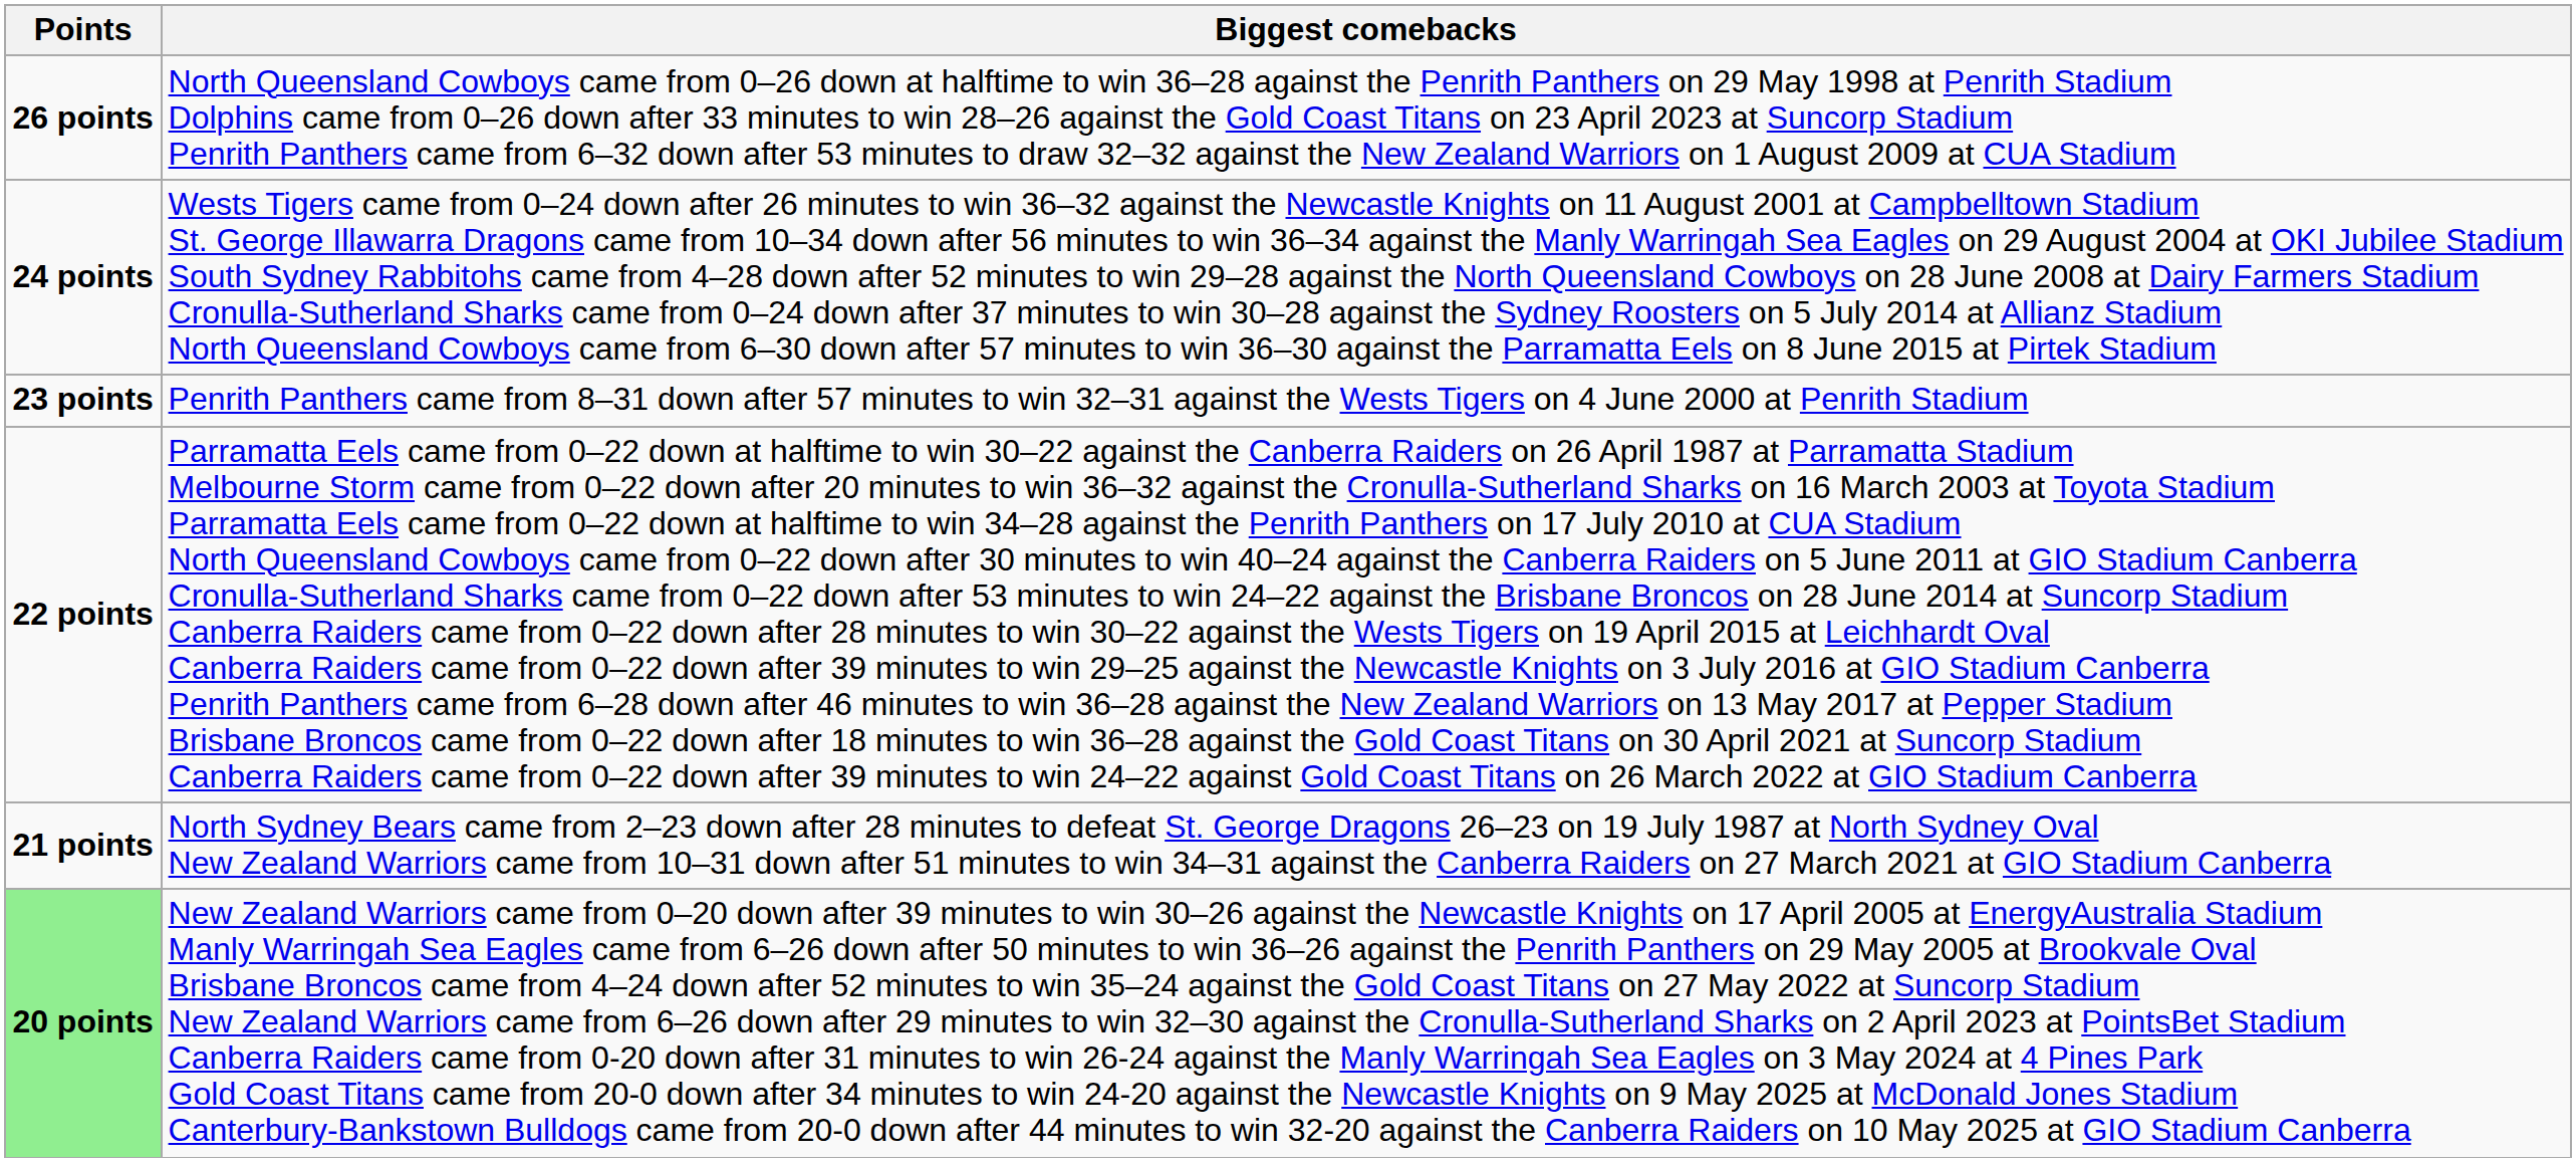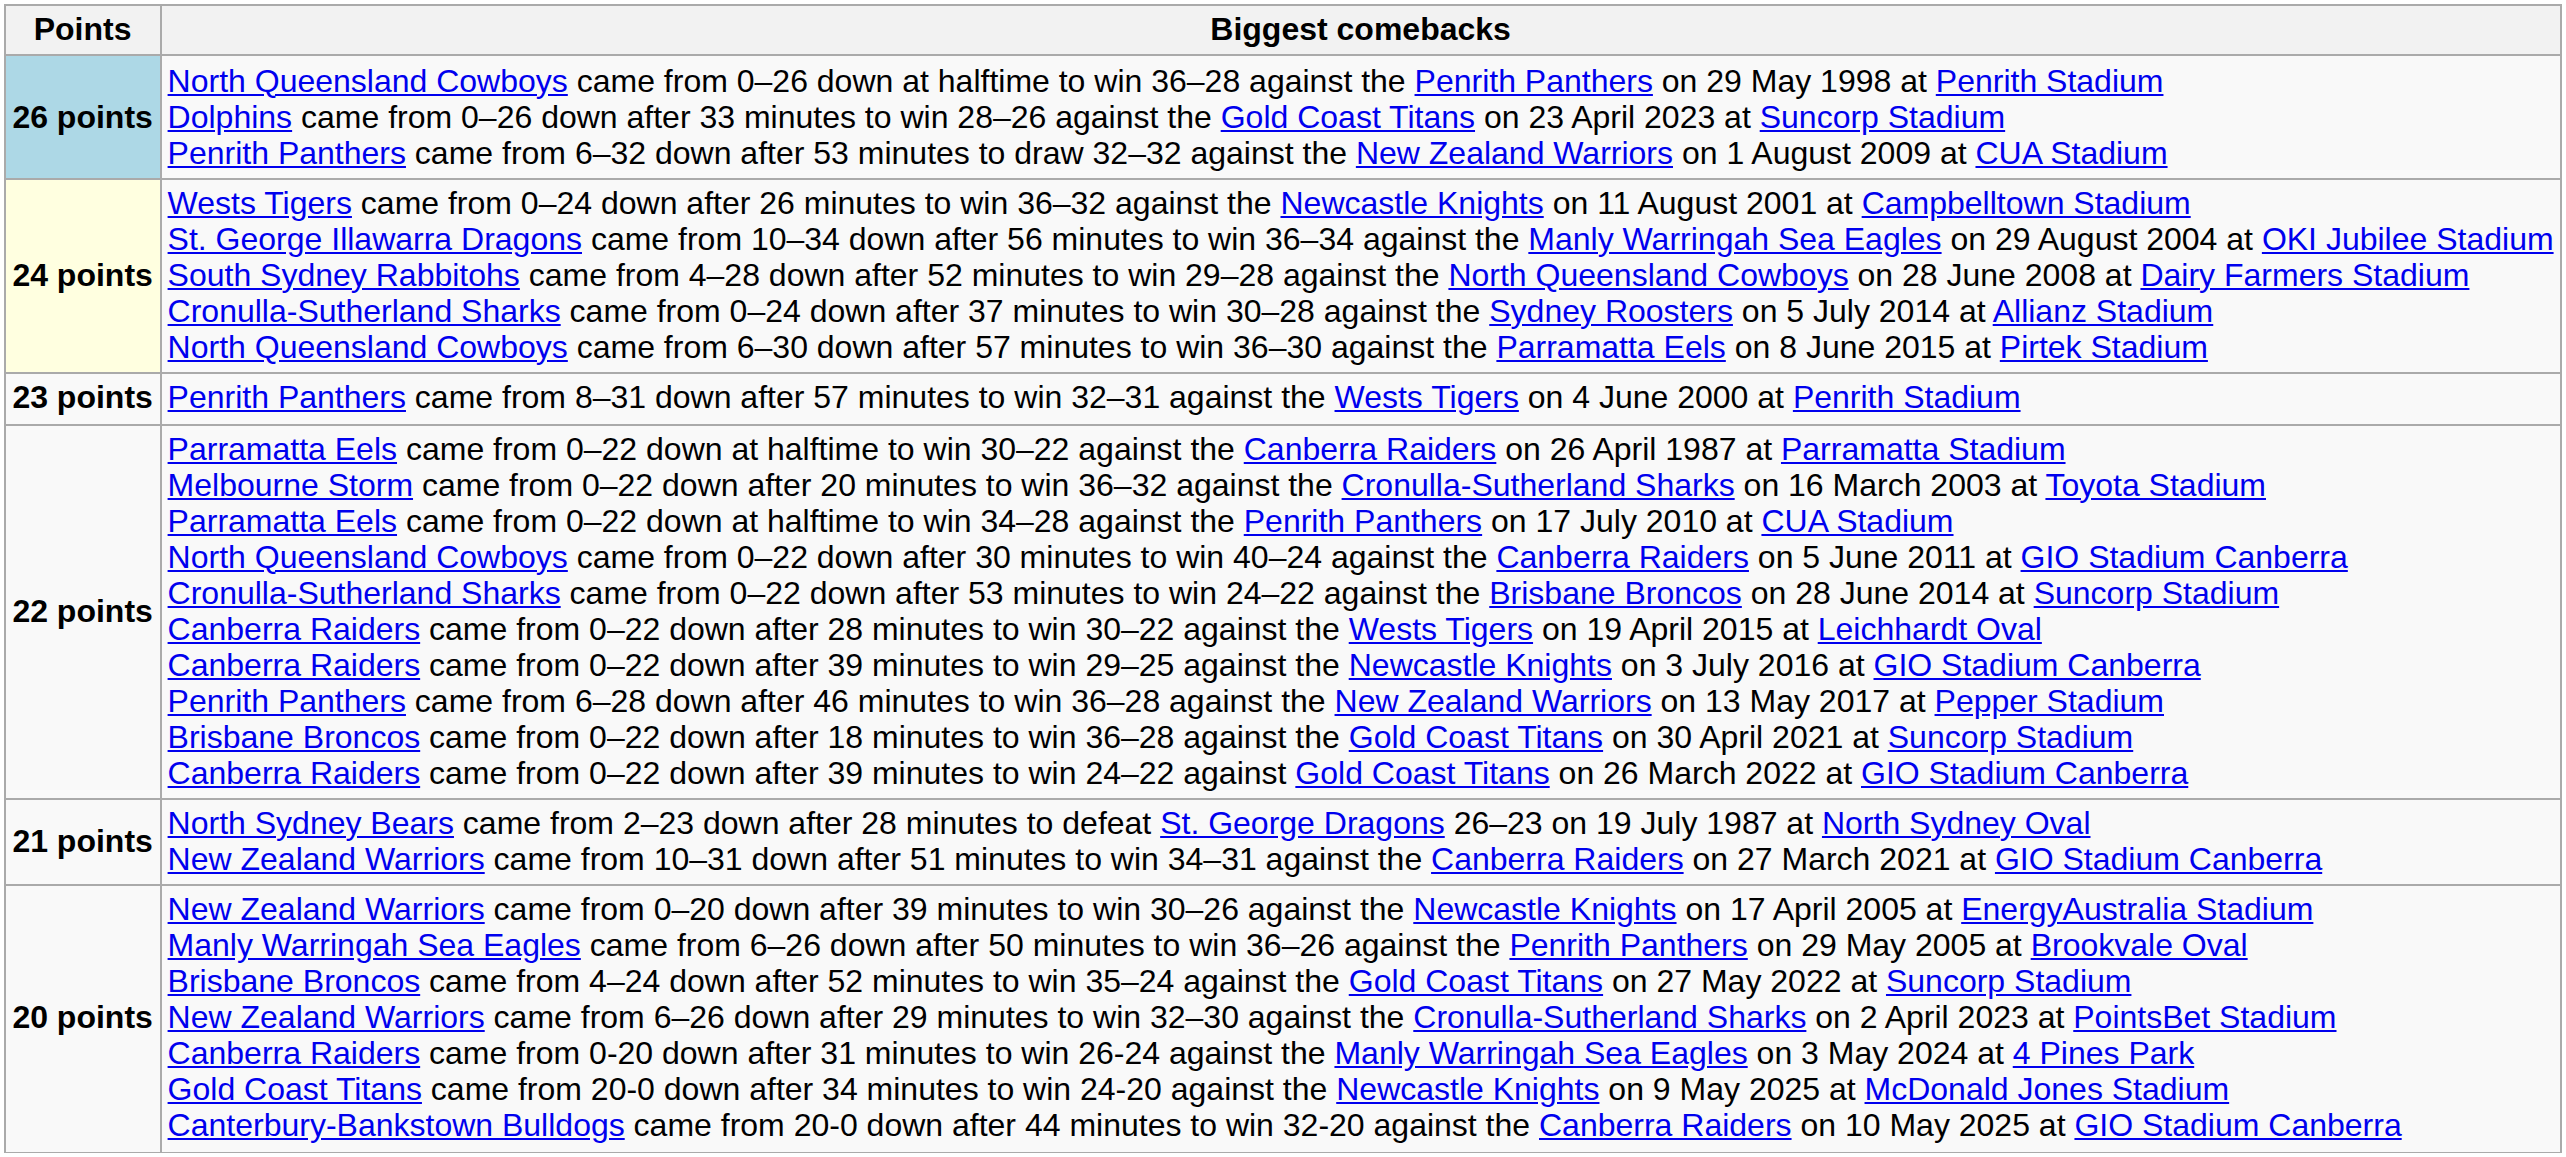 <table class="wikitable">
 <tr>
 <th>Points</th>
 <th>Biggest comebacks</th>
 </tr>
 <tr>
-<td><strong>26 points</strong></td>
+<td style="background: lightblue;"><strong>26 points</strong></td>
 <td><a href='#'>North Queensland Cowboys</a> came from 0–26 down at halftime to win 36–28 against the <a href='#'>Penrith Panthers</a> on 29 May 1998 at <a href='#'>Penrith Stadium</a><br><a href='#'>Dolphins</a> came from 0–26 down after 33 minutes to win 28–26 against the <a href='#'>Gold Coast Titans</a> on 23 April 2023 at <a href='#'>Suncorp Stadium</a><br><a href='#'>Penrith Panthers</a> came from 6–32 down after 53 minutes to draw 32–32 against the <a href='#'>New Zealand Warriors</a> on 1 August 2009 at <a href='#'>CUA Stadium</a></td>
 </tr>
 <tr>
-<td><strong>24 points</strong></td>
+<td style="background: lightyellow;"><strong>24 points</strong></td>
 <td><a href='#'>Wests Tigers</a> came from 0–24 down after 26 minutes to win 36–32 against the <a href='#'>Newcastle Knights</a> on 11 August 2001 at <a href='#'>Campbelltown Stadium</a><br><a href='#'>St. George Illawarra Dragons</a> came from 10–34 down after 56 minutes to win 36–34 against the <a href='#'>Manly Warringah Sea Eagles</a> on 29 August 2004 at <a href='#'>OKI Jubilee Stadium</a><br><a href='#'>South Sydney Rabbitohs</a> came from 4–28 down after 52 minutes to win 29–28 against the <a href='#'>North Queensland Cowboys</a> on 28 June 2008 at <a href='#'>Dairy Farmers Stadium</a><br><a href='#'>Cronulla-Sutherland Sharks</a> came from 0–24 down after 37 minutes to win 30–28 against the <a href='#'>Sydney Roosters</a> on 5 July 2014 at <a href='#'>Allianz Stadium</a><br><a href='#'>North Queensland Cowboys</a> came from 6–30 down after 57 minutes to win 36–30 against the <a href='#'>Parramatta Eels</a> on 8 June 2015 at <a href='#'>Pirtek Stadium</a></td>
 </tr>
 <tr>
 <td><strong>23 points</strong></td>
 <td><a href='#'>Penrith Panthers</a> came from 8–31 down after 57 minutes to win 32–31 against the <a href='#'>Wests Tigers</a> on 4 June 2000 at <a href='#'>Penrith Stadium</a></td>
 </tr>
 <tr>
 <td><strong>22 points</strong></td>
 <td><a href='#'>Parramatta Eels</a> came from 0–22 down at halftime to win 30–22 against the <a href='#'>Canberra Raiders</a> on 26 April 1987 at <a href='#'>Parramatta Stadium</a><br><a href='#'>Melbourne Storm</a> came from 0–22 down after 20 minutes to win 36–32 against the <a href='#'>Cronulla-Sutherland Sharks</a> on 16 March 2003 at <a href='#'>Toyota Stadium</a><br><a href='#'>Parramatta Eels</a> came from 0–22 down at halftime to win 34–28 against the <a href='#'>Penrith Panthers</a> on 17 July 2010 at <a href='#'>CUA Stadium</a><br><a href='#'>North Queensland Cowboys</a> came from 0–22 down after 30 minutes to win 40–24 against the <a href='#'>Canberra Raiders</a> on 5 June 2011 at <a href='#'>GIO Stadium Canberra</a><br><a href='#'>Cronulla-Sutherland Sharks</a> came from 0–22 down after 53 minutes to win 24–22 against the <a href='#'>Brisbane Broncos</a> on 28 June 2014 at <a href='#'>Suncorp Stadium</a><br><a href='#'>Canberra Raiders</a> came from 0–22 down after 28 minutes to win 30–22 against the <a href='#'>Wests Tigers</a> on 19 April 2015 at <a href='#'>Leichhardt Oval</a><br><a href='#'>Canberra Raiders</a> came from 0–22 down after 39 minutes to win 29–25 against the <a href='#'>Newcastle Knights</a> on 3 July 2016 at <a href='#'>GIO Stadium Canberra</a><br><a href='#'>Penrith Panthers</a> came from 6–28 down after 46 minutes to win 36–28 against the <a href='#'>New Zealand Warriors</a> on 13 May 2017 at <a href='#'>Pepper Stadium</a><br><a href='#'>Brisbane Broncos</a> came from 0–22 down after 18 minutes to win 36–28 against the <a href='#'>Gold Coast Titans</a> on 30 April 2021 at <a href='#'>Suncorp Stadium</a><br><a href='#'>Canberra Raiders</a> came from 0–22 down after 39 minutes to win 24–22 against <a href='#'>Gold Coast Titans</a> on 26 March 2022 at <a href='#'>GIO Stadium Canberra</a></td>
 </tr>
 <tr>
 <td><strong>21 points</strong></td>
 <td><a href='#'>North Sydney Bears</a> came from 2–23 down after 28 minutes to defeat <a href='#'>St. George Dragons</a> 26–23 on 19 July 1987 at <a href='#'>North Sydney Oval</a><br><a href='#'>New Zealand Warriors</a> came from 10–31 down after 51 minutes to win 34–31 against the <a href='#'>Canberra Raiders</a> on 27 March 2021 at <a href='#'>GIO Stadium Canberra</a></td>
 </tr>
 <tr>
-<td style="background: lightgreen;"><strong>20 points</strong></td>
+<td><strong>20 points</strong></td>
 <td><a href='#'>New Zealand Warriors</a> came from 0–20 down after 39 minutes to win 30–26 against the <a href='#'>Newcastle Knights</a> on 17 April 2005 at <a href='#'>EnergyAustralia Stadium</a><br><a href='#'>Manly Warringah Sea Eagles</a> came from 6–26 down after 50 minutes to win 36–26 against the <a href='#'>Penrith Panthers</a> on 29 May 2005 at <a href='#'>Brookvale Oval</a><br><a href='#'>Brisbane Broncos</a> came from 4–24 down after 52 minutes to win 35–24 against the <a href='#'>Gold Coast Titans</a> on 27 May 2022 at <a href='#'>Suncorp Stadium</a><br><a href='#'>New Zealand Warriors</a> came from 6–26 down after 29 minutes to win 32–30 against the <a href='#'>Cronulla-Sutherland Sharks</a> on 2 April 2023 at <a href='#'>PointsBet Stadium</a><br><a href='#'>Canberra Raiders</a> came from 0-20 down after 31 minutes to win 26-24 against the <a href='#'>Manly Warringah Sea Eagles</a> on 3 May 2024 at <a href='#'>4 Pines Park</a><br><a href='#'>Gold Coast Titans</a> came from 20-0 down after 34 minutes to win 24-20 against the <a href='#'>Newcastle Knights</a> on 9 May 2025 at <a href='#'>McDonald Jones Stadium</a><br><a href='#'>Canterbury-Bankstown Bulldogs</a> came from 20-0 down after 44 minutes to win 32-20 against the <a href='#'>Canberra Raiders</a> on 10 May 2025 at <a href='#'>GIO Stadium Canberra</a></td>
 </tr>
 </table>
